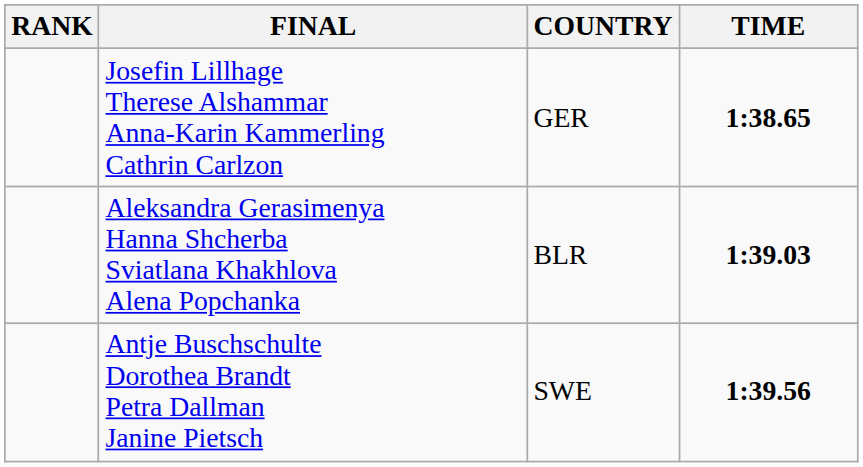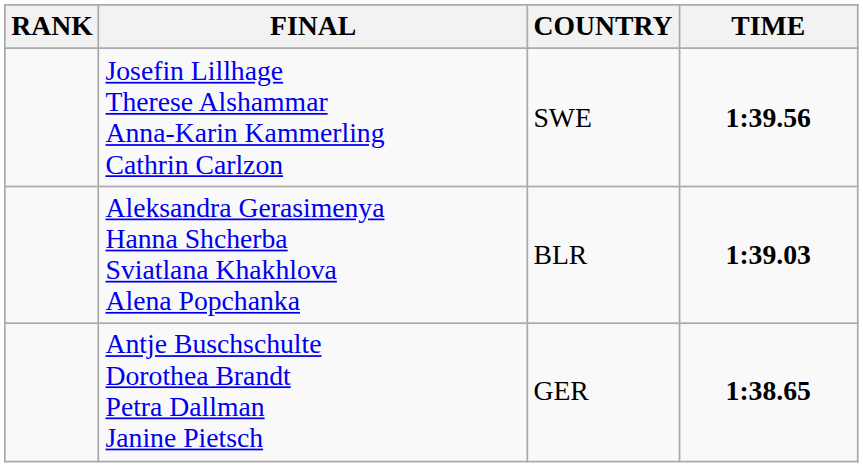 <table class="wikitable">
 <tr>
 <th>RANK</th>
 <th align="left" style="width: 15em">FINAL</th>
 <th>COUNTRY</th>
 <th style="width: 6em">TIME</th>
 </tr>
 <tr>
 <td align="center"></td>
 <td><a href='#'>Josefin Lillhage</a><br><a href='#'>Therese Alshammar</a><br><a href='#'>Anna-Karin Kammerling</a><br><a href='#'>Cathrin Carlzon</a></td>
-<td> GER</td>
-<td align="center"><strong>1:38.65</strong></td>
+<td> SWE</td>
+<td align="center"><strong>1:39.56</strong></td>
 </tr>
 <tr>
 <td align="center"></td>
 <td><a href='#'>Aleksandra Gerasimenya</a><br><a href='#'>Hanna Shcherba</a><br><a href='#'>Sviatlana Khakhlova</a><br><a href='#'>Alena Popchanka</a></td>
 <td> BLR</td>
 <td align="center"><strong>1:39.03</strong></td>
 </tr>
 <tr>
 <td align="center"></td>
 <td><a href='#'>Antje Buschschulte</a><br><a href='#'>Dorothea Brandt</a><br><a href='#'>Petra Dallman</a><br><a href='#'>Janine Pietsch</a></td>
-<td> SWE</td>
-<td align="center"><strong>1:39.56</strong></td>
+<td> GER</td>
+<td align="center"><strong>1:38.65</strong></td>
 </tr>
 </table>
